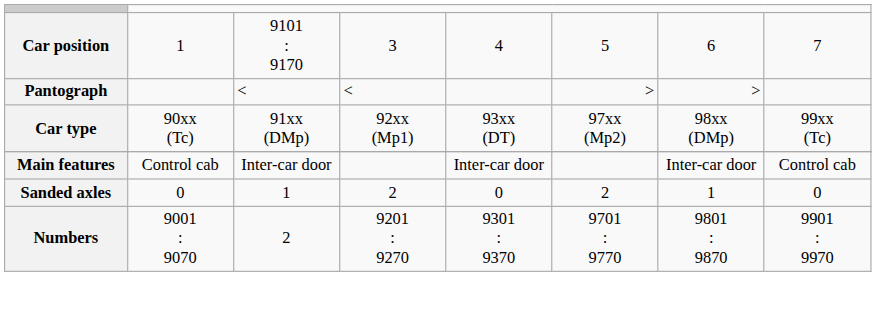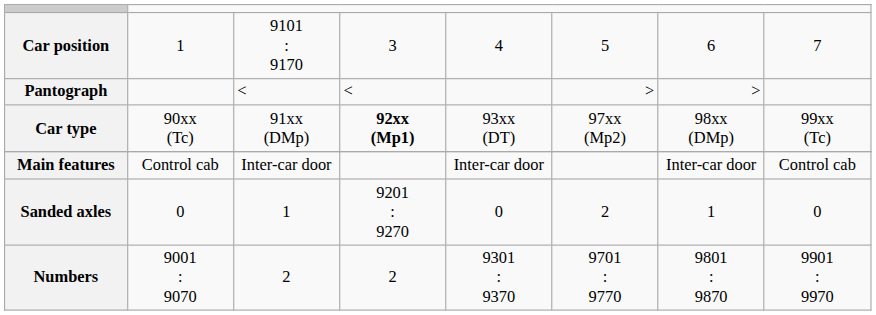 <table class="wikitable" summary="HCMT" style="text-align:center; font-size:90%;">
 <tr>
 <th style="background-color:#ccc; width:7em;"></th>
 <td colspan="7"></td>
 </tr>
 <tr style="border-top:solid 4px #">
 <th style="width:7em">Car position</th>
 <td style="width:6em">1</td>
 <td>9101<br>:<br>9170</td>
 <td style="width:6em">3</td>
 <td style="width:6em">4</td>
 <td style="width:6em">5</td>
 <td style="width:6em">6</td>
 <td style="width:6em">7</td>
 </tr>
 <tr style="border-top:solid 4px #">
 <th>Pantograph</th>
 <td></td>
 <td style="text-align:left;"><</td>
 <td style="text-align:left;"><</td>
 <td></td>
 <td style="text-align:right;">></td>
 <td style="text-align:right;">></td>
 <td></td>
 </tr>
 <tr>
 <th>Car type</th>
 <td>90xx<br>(Tc)</td>
 <td>91xx<br>(DMp)</td>
-<td>92xx<br>(Mp1)</td>
+<td><strong>92xx<br>(Mp1)</strong></td>
 <td>93xx<br>(DT)</td>
 <td>97xx<br>(Mp2)</td>
 <td>98xx<br>(DMp)</td>
 <td>99xx<br>(Tc)</td>
 </tr>
 <tr>
 </tr>
 <tr>
 <th>Main features</th>
 <td>Control cab</td>
 <td>Inter-car door</td>
 <td></td>
 <td>Inter-car door</td>
 <td></td>
 <td>Inter-car door</td>
 <td>Control cab</td>
 </tr>
 <tr>
 <th>Sanded axles</th>
 <td>0</td>
 <td>1</td>
-<td>2</td>
+<td>9201<br>:<br>9270</td>
 <td>0</td>
 <td>2</td>
 <td>1</td>
 <td>0</td>
 </tr>
 <tr>
 <th>Numbers</th>
 <td>9001<br>:<br>9070</td>
 <td style="width:6em">2</td>
-<td>9201<br>:<br>9270</td>
+<td>2</td>
 <td>9301<br>:<br>9370</td>
 <td>9701<br>:<br>9770</td>
 <td>9801<br>:<br>9870</td>
 <td>9901<br>:<br>9970</td>
 </tr>
 </table>
